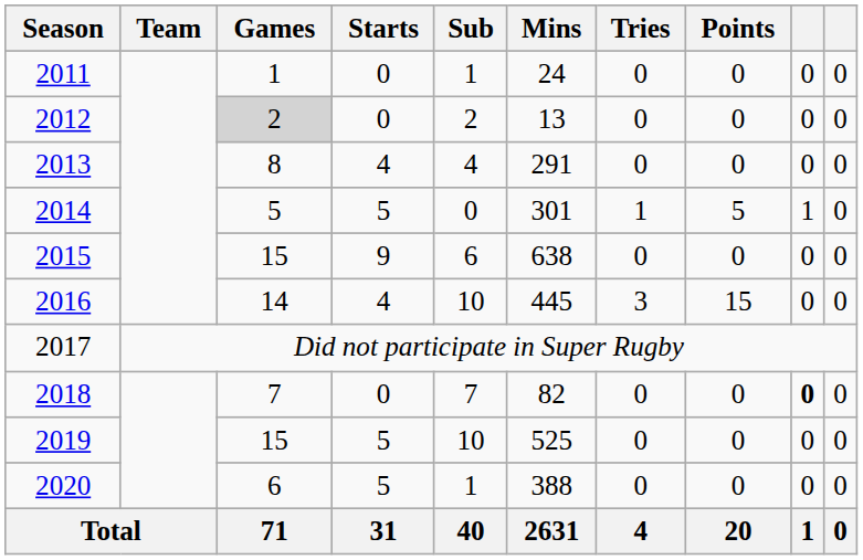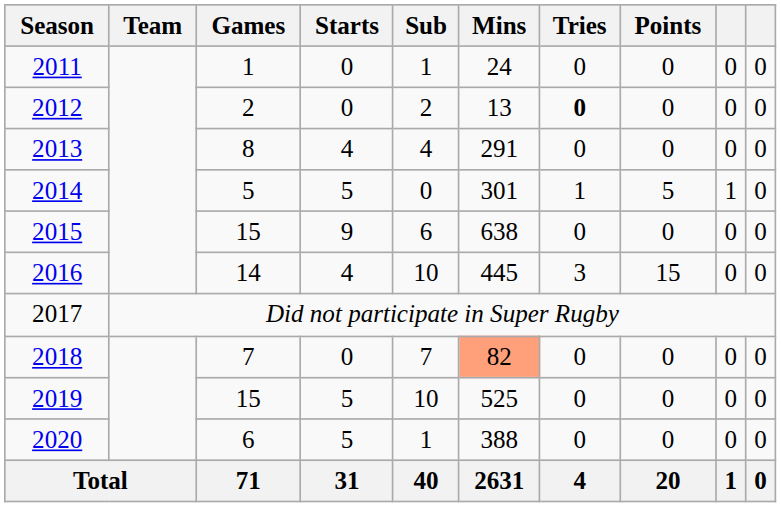 <table class="wikitable" style="text-align:center; font-size:95%; width:75%;">
 <tr>
 <th>Season</th>
 <th>Team</th>
 <th>Games</th>
 <th>Starts</th>
 <th>Sub</th>
 <th>Mins</th>
 <th>Tries</th>
 <th>Points</th>
 <th></th>
 <th></th>
 </tr>
 <tr>
 <td><a href='#'>2011</a></td>
 <td rowspan=6></td>
 <td>1</td>
 <td>0</td>
 <td>1</td>
 <td>24</td>
 <td>0</td>
 <td>0</td>
 <td>0</td>
 <td>0</td>
 </tr>
 <tr>
 <td><a href='#'>2012</a></td>
-<td style="background: lightgrey;">2</td>
+<td>2</td>
 <td>0</td>
 <td>2</td>
 <td>13</td>
-<td>0</td>
+<td><strong>0</strong></td>
 <td>0</td>
 <td>0</td>
 <td>0</td>
 </tr>
 <tr>
 <td><a href='#'>2013</a></td>
 <td>8</td>
 <td>4</td>
 <td>4</td>
 <td>291</td>
 <td>0</td>
 <td>0</td>
 <td>0</td>
 <td>0</td>
 </tr>
 <tr>
 <td><a href='#'>2014</a></td>
 <td>5</td>
 <td>5</td>
 <td>0</td>
 <td>301</td>
 <td>1</td>
 <td>5</td>
 <td>1</td>
 <td>0</td>
 </tr>
 <tr>
 <td><a href='#'>2015</a></td>
 <td>15</td>
 <td>9</td>
 <td>6</td>
 <td>638</td>
 <td>0</td>
 <td>0</td>
 <td>0</td>
 <td>0</td>
 </tr>
 <tr>
 <td><a href='#'>2016</a></td>
 <td>14</td>
 <td>4</td>
 <td>10</td>
 <td>445</td>
 <td>3</td>
 <td>15</td>
 <td>0</td>
 <td>0</td>
 </tr>
 <tr>
 <td>2017</td>
 <td colspan="9"><em>Did not participate in Super Rugby</em></td>
 </tr>
 <tr>
 <td><a href='#'>2018</a></td>
 <td rowspan=3></td>
 <td>7</td>
 <td>0</td>
 <td>7</td>
-<td>82</td>
+<td style="background: lightsalmon;">82</td>
 <td>0</td>
 <td>0</td>
-<td><strong>0</strong></td>
+<td>0</td>
 <td>0</td>
 </tr>
 <tr>
 <td><a href='#'>2019</a></td>
 <td>15</td>
 <td>5</td>
 <td>10</td>
 <td>525</td>
 <td>0</td>
 <td>0</td>
 <td>0</td>
 <td>0</td>
 </tr>
 <tr>
 <td><a href='#'>2020</a></td>
 <td>6</td>
 <td>5</td>
 <td>1</td>
 <td>388</td>
 <td>0</td>
 <td>0</td>
 <td>0</td>
 <td>0</td>
 </tr>
 <tr>
 <th colspan="2">Total</th>
 <th>71</th>
 <th>31</th>
 <th>40</th>
 <th>2631</th>
 <th>4</th>
 <th>20</th>
 <th>1</th>
 <th>0</th>
 </tr>
 </table>
